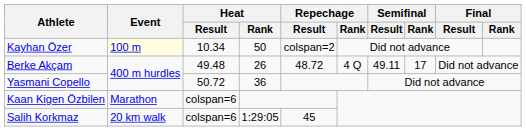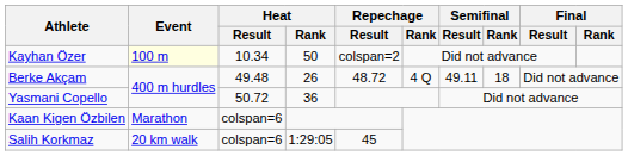 <table class="wikitable" style="font-size:90%">
 <tr>
 <th rowspan="2">Athlete</th>
 <th rowspan="2">Event</th>
 <th colspan="2">Heat</th>
 <th colspan="2">Repechage</th>
 <th colspan="2">Semifinal</th>
 <th colspan="2">Final</th>
 </tr>
 <tr style="font-size:95%">
 <th>Result</th>
 <th>Rank</th>
 <th>Result</th>
 <th>Rank</th>
 <th>Result</th>
 <th>Rank</th>
 <th>Result</th>
 <th>Rank</th>
 </tr>
 <tr align=center>
 <td align=left><a href='#'>Kayhan Özer</a></td>
 <td align=left style="background: lightyellow;"><a href='#'>100 m</a></td>
 <td>10.34</td>
 <td>50</td>
 <td>colspan=2 </td>
 <td colspan=4>Did not advance</td>
 </tr>
 <tr align=center>
 <td align=left><a href='#'>Berke Akçam</a></td>
 <td align=left rowspan=2><a href='#'>400 m hurdles</a></td>
 <td>49.48</td>
 <td>26</td>
 <td>48.72</td>
 <td>4 Q</td>
 <td>49.11</td>
-<td>17</td>
+<td>18</td>
 <td colspan=2>Did not advance</td>
 </tr>
 <tr align=center>
 <td align=left><a href='#'>Yasmani Copello</a></td>
 <td>50.72</td>
 <td>36</td>
 <td colspan=2></td>
 <td colspan=4>Did not advance</td>
 </tr>
 <tr align=center>
 <td align=left><a href='#'>Kaan Kigen Özbilen</a></td>
 <td align=left><a href='#'>Marathon</a></td>
 <td>colspan=6 </td>
 <td colspan=2></td>
 </tr>
 <tr align=center>
 <td align=left><a href='#'>Salih Korkmaz</a></td>
 <td align=left><a href='#'>20 km walk</a></td>
 <td>colspan=6 </td>
 <td>1:29:05</td>
 <td>45</td>
 </tr>
 </table>
